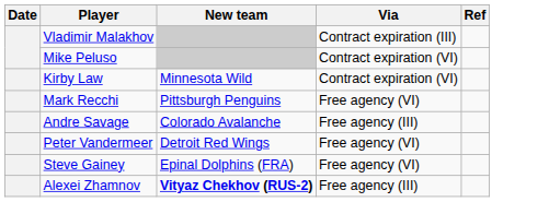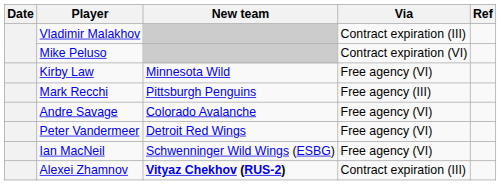 <table class="wikitable plainrowheaders">
 <tr style="background:#ddd; text-align:center;">
 <th>Date</th>
 <th>Player</th>
 <th>New team</th>
 <th>Via</th>
 <th>Ref</th>
 </tr>
 <tr>
 <th scope="row" rowspan=2></th>
 <td><a href='#'>Vladimir Malakhov</a></td>
 <td style="background:#ccc"></td>
 <td>Contract expiration (III)</td>
 <td></td>
 </tr>
 <tr>
 <td><a href='#'>Mike Peluso</a></td>
 <td style="background:#ccc"></td>
 <td>Contract expiration (VI)</td>
 <td></td>
 </tr>
 <tr>
 <th scope="row"></th>
 <td><a href='#'>Kirby Law</a></td>
 <td><a href='#'>Minnesota Wild</a></td>
-<td>Contract expiration (VI)</td>
+<td>Free agency (VI)</td>
 <td></td>
 </tr>
 <tr>
 <th scope="row"></th>
 <td><a href='#'>Mark Recchi</a></td>
 <td><a href='#'>Pittsburgh Penguins</a></td>
-<td>Free agency (VI)</td>
+<td>Free agency (III)</td>
 <td></td>
 </tr>
 <tr>
 <th scope="row"></th>
 <td><a href='#'>Andre Savage</a></td>
 <td><a href='#'>Colorado Avalanche</a></td>
-<td>Free agency (III)</td>
+<td>Free agency (VI)</td>
 <td></td>
 </tr>
 <tr>
 <th scope="row"></th>
 <td><a href='#'>Peter Vandermeer</a></td>
 <td><a href='#'>Detroit Red Wings</a></td>
 <td>Free agency (VI)</td>
 <td></td>
 </tr>
 <tr>
 <th scope="row"></th>
-<td><a href='#'>Steve Gainey</a></td>
-<td><a href='#'>Epinal Dolphins</a> (<a href='#'>FRA</a>)</td>
+<td><a href='#'>Ian MacNeil</a></td>
+<td><a href='#'>Schwenninger Wild Wings</a> (<a href='#'>ESBG</a>)</td>
 <td>Free agency (VI)</td>
 <td></td>
 </tr>
 <tr>
 <th scope="row"></th>
 <td><a href='#'>Alexei Zhamnov</a></td>
 <td><strong><a href='#'>Vityaz Chekhov</a> (<a href='#'>RUS-2</a>)</strong></td>
-<td>Free agency (III)</td>
+<td>Contract expiration (III)</td>
 <td></td>
 </tr>
 </table>
